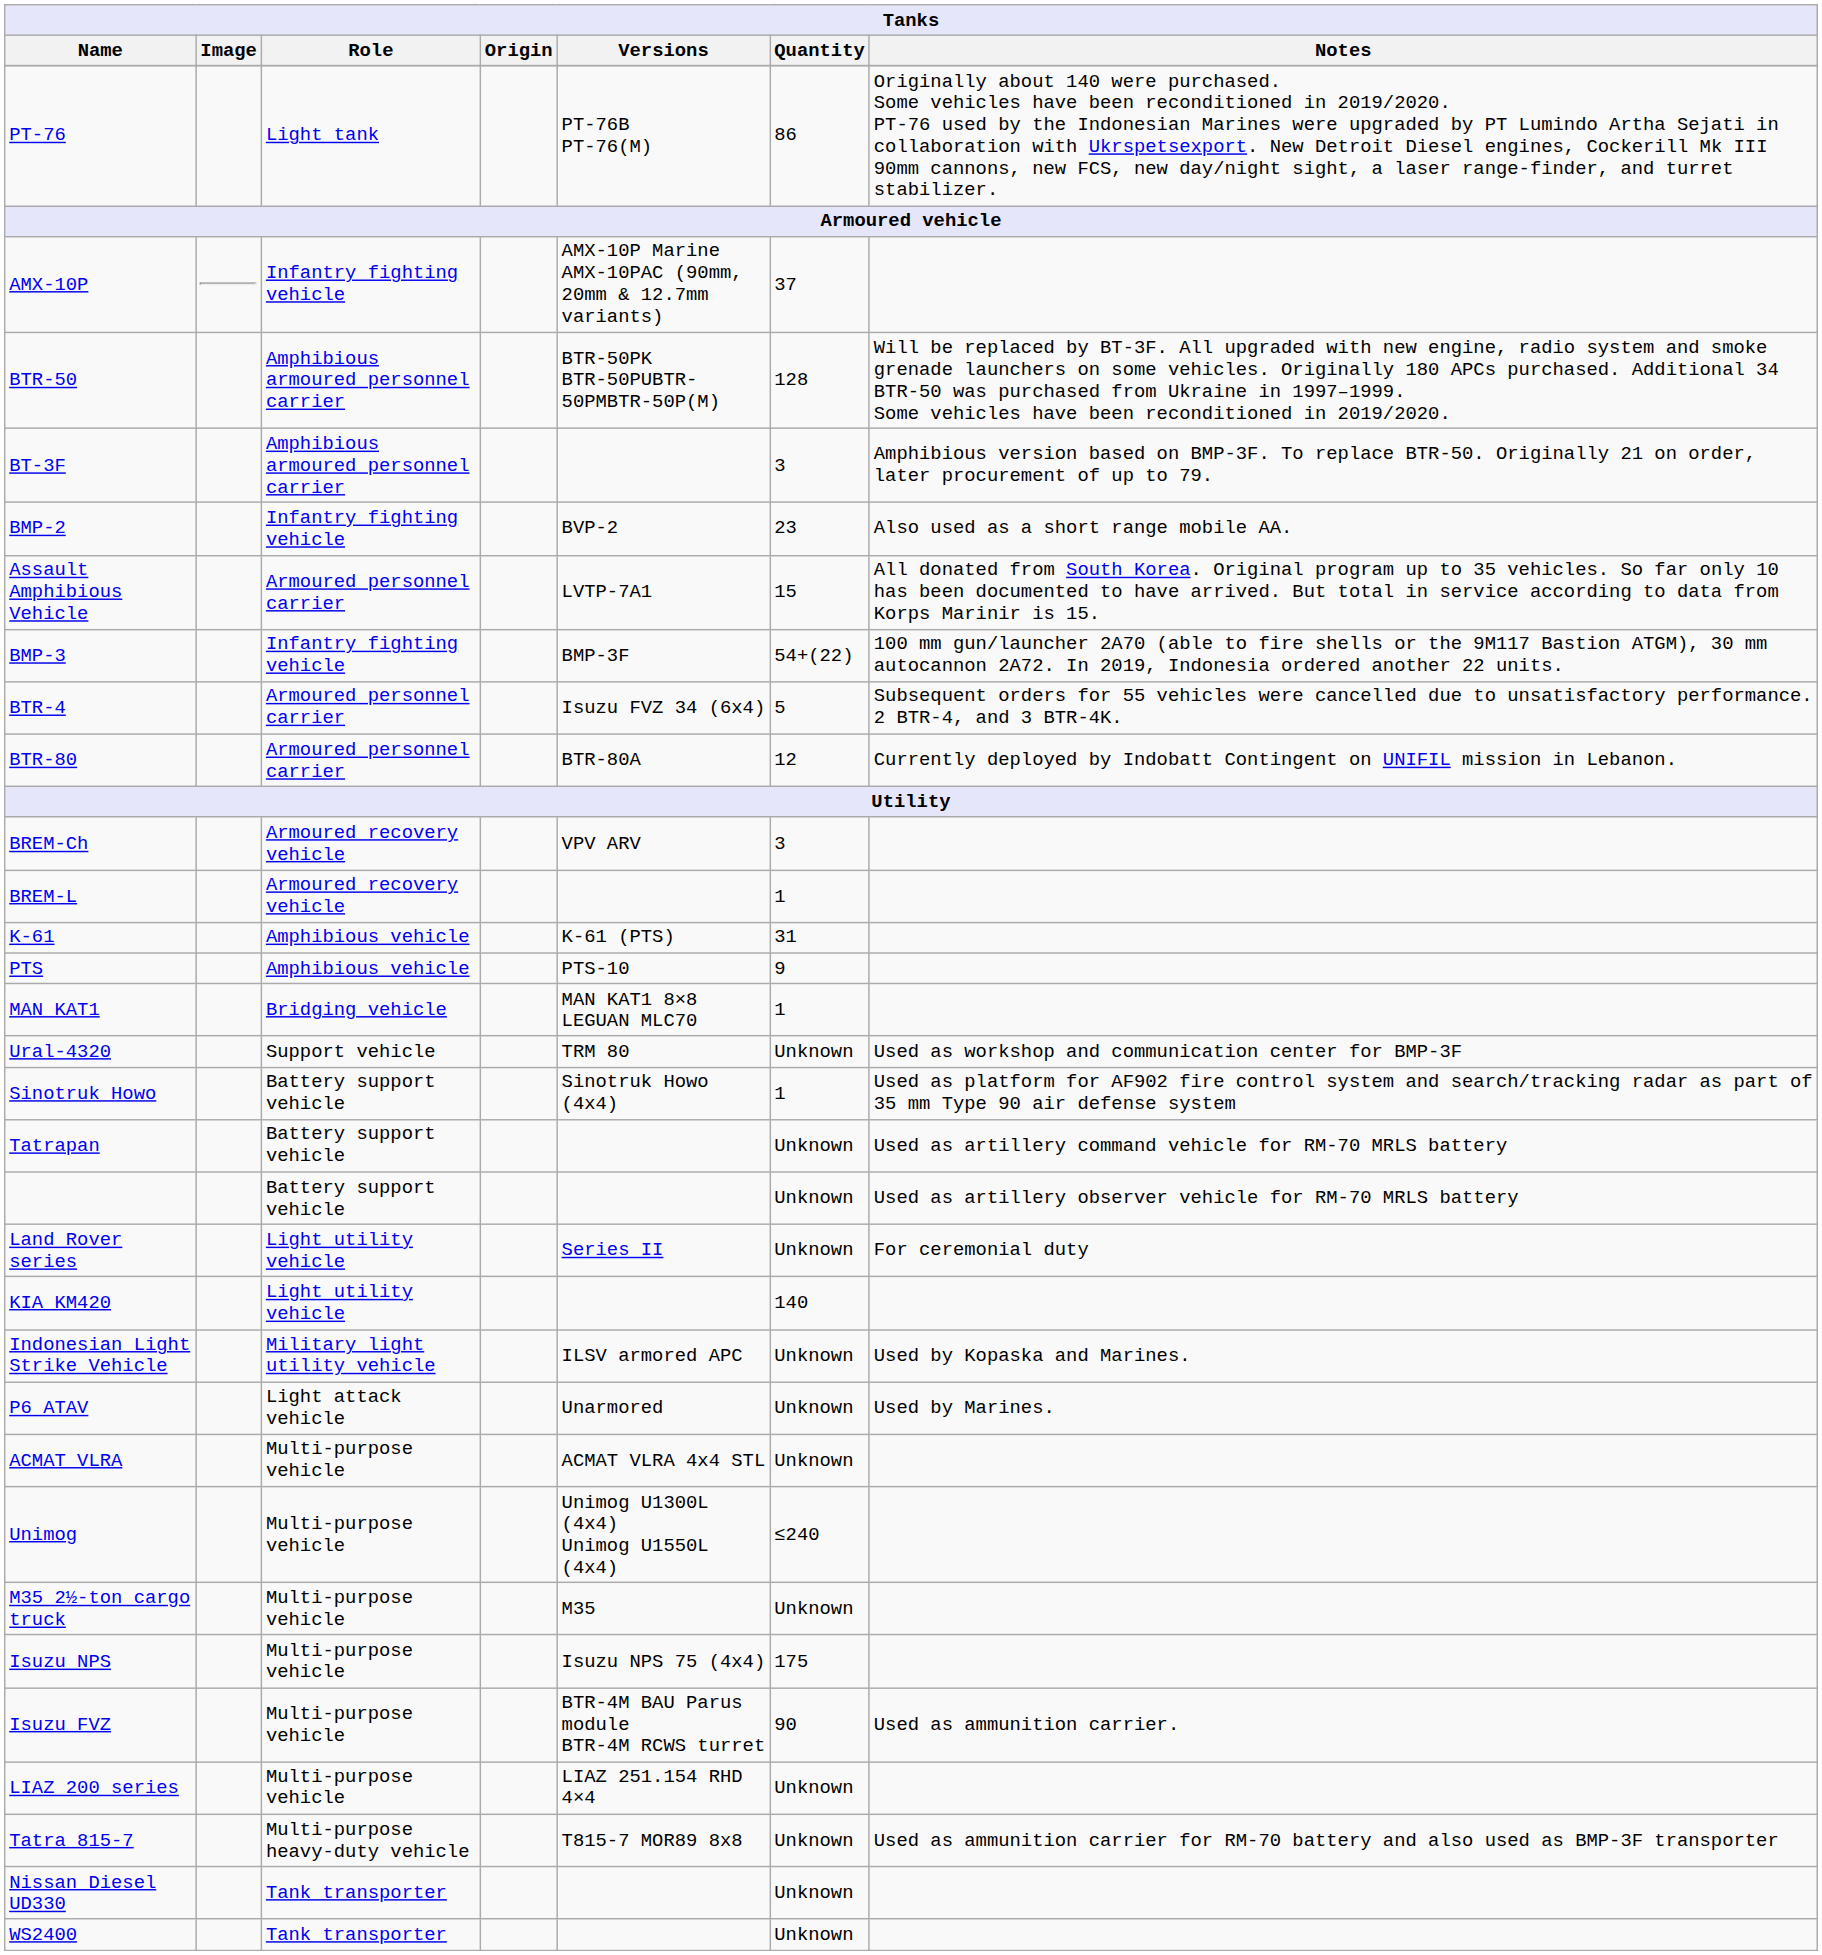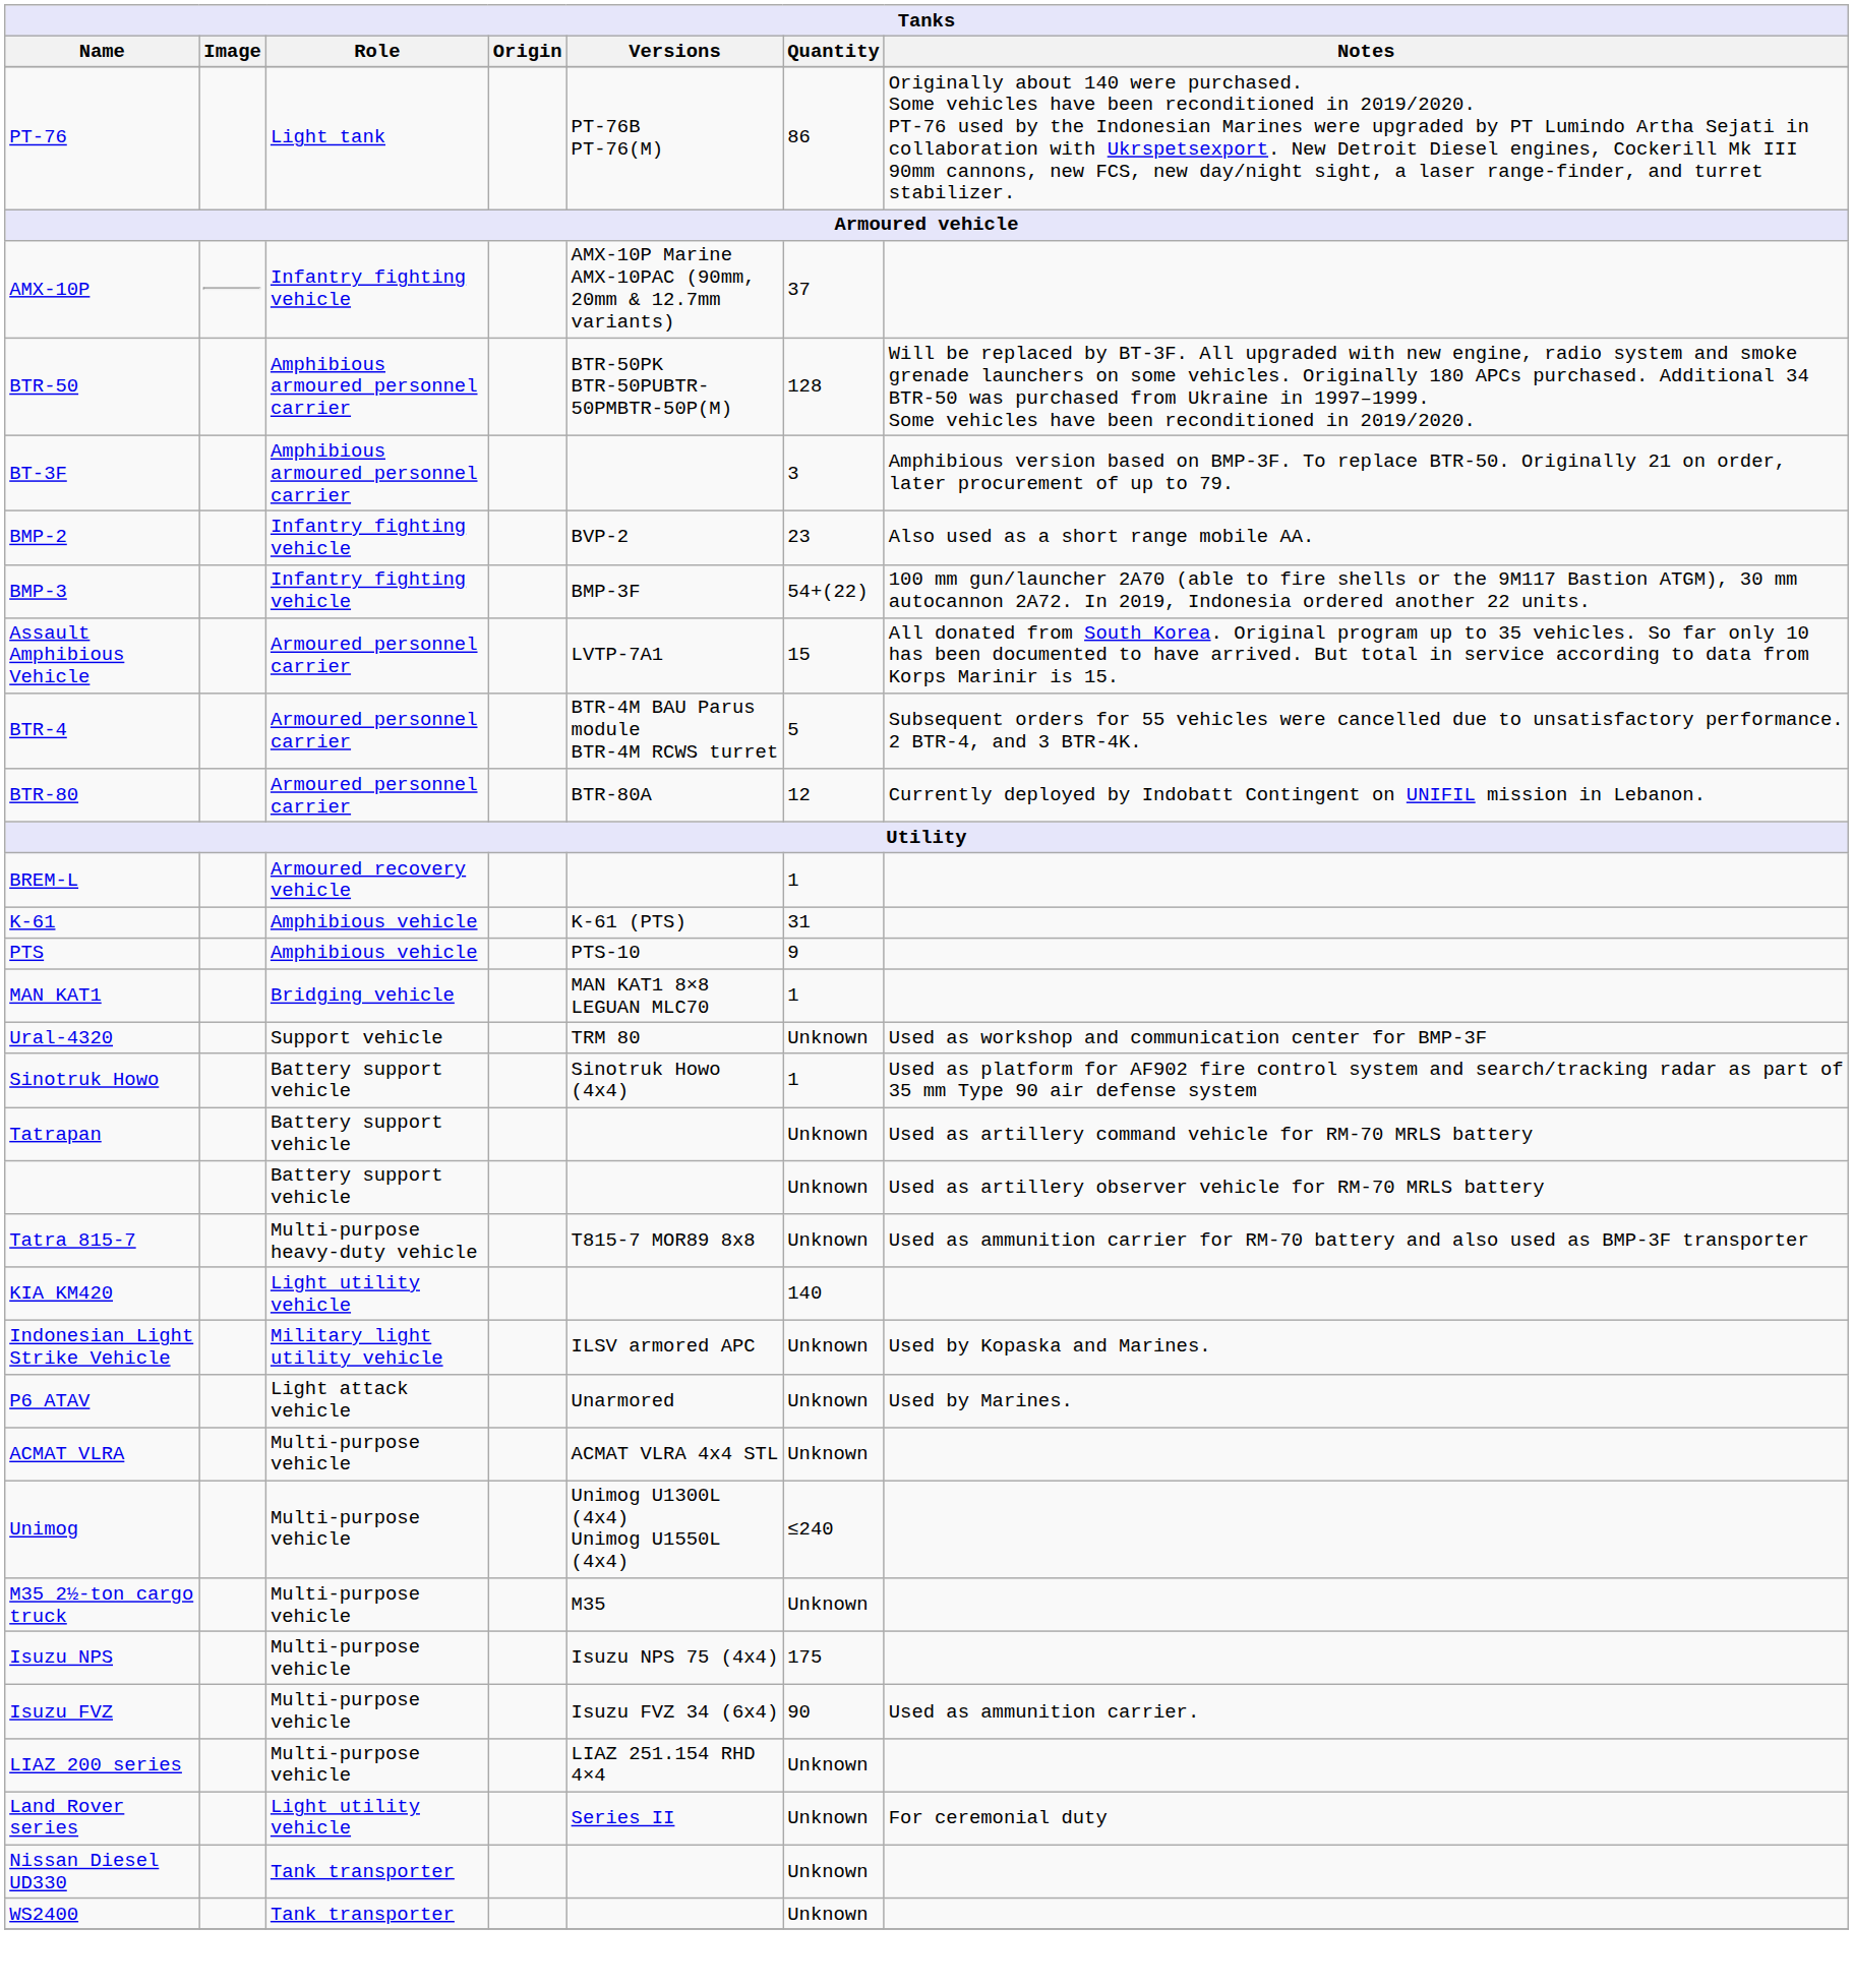 <table class="wikitable">
 <tr>
 <th style="align: center; background: lavender;" colspan="7">Tanks</th>
 </tr>
 <tr>
 <th style="text-align: center;">Name</th>
 <th style="text-align: center;">Image</th>
 <th style="text-align: center;">Role</th>
 <th style="text-align: center;">Origin</th>
 <th style="text-align: center;">Versions</th>
 <th style="text-align: center;">Quantity</th>
 <th style="text-align: center;">Notes</th>
 </tr>
 <tr ---->
 </tr>
 <tr --->
 </tr>
 <tr>
 <td><a href='#'>PT-76</a></td>
 <td></td>
 <td><a href='#'>Light tank</a></td>
 <td></td>
 <td>PT-76B<br>PT-76(M)</td>
 <td>86</td>
 <td>Originally about 140 were purchased.<br>Some vehicles have been reconditioned in 2019/2020.<br>PT-76 used by the Indonesian Marines were upgraded by PT Lumindo Artha Sejati in collaboration with <a href='#'>Ukrspetsexport</a>. New Detroit Diesel engines, Cockerill Mk III 90mm cannons, new FCS, new day/night sight, a laser range-finder, and turret stabilizer.</td>
 </tr>
 <tr>
 <th style="align: center; background: lavender;" colspan="7">Armoured vehicle</th>
 </tr>
 <tr --->
 <td><a href='#'>AMX-10P</a></td>
 <td><hr></td>
 <td><a href='#'>Infantry fighting vehicle</a></td>
 <td></td>
 <td>AMX-10P Marine<br>AMX-10PAC (90mm, 20mm & 12.7mm variants)</td>
 <td>37</td>
 <td></td>
 </tr>
 <tr>
 <td><a href='#'>BTR-50</a></td>
 <td></td>
 <td><a href='#'>Amphibious</a> <a href='#'>armoured personnel carrier</a></td>
 <td></td>
 <td>BTR-50PK<br>BTR-50PUBTR-50PMBTR-50P(M)</td>
 <td>128</td>
 <td>Will be replaced by BT-3F. All upgraded with new engine, radio system and smoke grenade launchers on some vehicles. Originally 180 APCs purchased. Additional 34 BTR-50 was purchased from Ukraine in 1997–1999.<br>Some vehicles have been reconditioned in 2019/2020.</td>
 </tr>
 <tr>
 <td><a href='#'>BT-3F</a></td>
 <td></td>
 <td><a href='#'>Amphibious</a> <a href='#'>armoured personnel carrier</a></td>
 <td></td>
 <td></td>
 <td>3</td>
 <td>Amphibious version based on BMP-3F. To replace BTR-50. Originally 21 on order, later procurement of up to 79.</td>
 </tr>
 <tr>
 <td><a href='#'>BMP-2</a></td>
 <td></td>
 <td><a href='#'>Infantry fighting vehicle</a></td>
 <td></td>
 <td>BVP-2</td>
 <td>23</td>
 <td>Also used as a short range mobile AA.</td>
 </tr>
 <tr>
+<td><a href='#'>BMP-3</a></td>
+<td></td>
+<td><a href='#'>Infantry fighting vehicle</a></td>
+<td></td>
+<td>BMP-3F</td>
+<td>54+(22)</td>
+<td>100 mm gun/launcher 2A70 (able to fire shells or the 9M117 Bastion ATGM), 30 mm autocannon 2A72. In 2019, Indonesia ordered another 22 units.</td>
+</tr>
+<tr>
 <td><a href='#'>Assault Amphibious Vehicle</a></td>
 <td></td>
 <td><a href='#'>Armoured personnel carrier</a></td>
 <td></td>
 <td>LVTP-7A1</td>
 <td>15</td>
 <td>All donated from <a href='#'>South Korea</a>. Original program up to 35 vehicles. So far only 10 has been documented to have arrived. But total in service according to data from Korps Marinir is 15.</td>
 </tr>
 <tr>
-<td><a href='#'>BMP-3</a></td>
-<td></td>
-<td><a href='#'>Infantry fighting vehicle</a></td>
-<td></td>
-<td>BMP-3F</td>
-<td>54+(22)</td>
-<td>100 mm gun/launcher 2A70 (able to fire shells or the 9M117 Bastion ATGM), 30 mm autocannon 2A72. In 2019, Indonesia ordered another 22 units.</td>
-</tr>
-<tr>
 <td><a href='#'>BTR-4</a></td>
 <td></td>
 <td><a href='#'>Armoured personnel carrier</a></td>
 <td></td>
-<td>Isuzu FVZ 34 (6x4)</td>
+<td>BTR-4M BAU Parus module<br>BTR-4M RCWS turret</td>
 <td>5</td>
 <td> Subsequent orders for 55 vehicles were cancelled due to unsatisfactory performance. 2 BTR-4, and 3 BTR-4K.</td>
 </tr>
 <tr>
 <td><a href='#'>BTR-80</a></td>
 <td></td>
 <td><a href='#'>Armoured personnel carrier</a></td>
 <td></td>
 <td>BTR-80A</td>
 <td>12</td>
 <td>Currently deployed by Indobatt Contingent on <a href='#'>UNIFIL</a> mission in Lebanon.</td>
 </tr>
 <tr>
 <th style="align: center; background: lavender;" colspan="7">Utility</th>
-</tr>
-<tr --->
-<td><a href='#'>BREM-Ch</a></td>
-<td></td>
-<td><a href='#'>Armoured recovery vehicle</a></td>
-<td></td>
-<td>VPV ARV</td>
-<td>3</td>
-<td></td>
 </tr>
 <tr>
 <td><a href='#'>BREM-L</a></td>
 <td></td>
 <td><a href='#'>Armoured recovery vehicle</a></td>
 <td></td>
 <td></td>
 <td>1</td>
 <td></td>
 </tr>
 <tr>
 <td><a href='#'>K-61</a></td>
 <td></td>
 <td><a href='#'>Amphibious vehicle</a></td>
 <td></td>
 <td>K-61 (PTS)</td>
 <td>31</td>
 <td></td>
 </tr>
 <tr>
 <td><a href='#'>PTS</a></td>
 <td></td>
 <td><a href='#'>Amphibious vehicle</a></td>
 <td></td>
 <td>PTS-10</td>
 <td>9</td>
 <td></td>
 </tr>
 <tr>
 <td><a href='#'>MAN KAT1</a></td>
 <td></td>
 <td><a href='#'>Bridging vehicle</a></td>
 <td></td>
 <td>MAN KAT1 8×8 LEGUAN MLC70</td>
 <td>1</td>
 <td></td>
 </tr>
 <tr>
 <td><a href='#'>Ural-4320</a></td>
 <td></td>
 <td>Support vehicle</td>
 <td></td>
 <td>TRM 80</td>
 <td>Unknown</td>
 <td>Used as workshop and communication center for BMP-3F</td>
 </tr>
 <tr>
 <td><a href='#'>Sinotruk Howo</a></td>
 <td></td>
 <td>Battery support vehicle</td>
 <td></td>
 <td>Sinotruk Howo (4x4)</td>
 <td>1</td>
 <td>Used as platform for AF902 fire control system and search/tracking radar as part of 35 mm Type 90 air defense system</td>
 </tr>
 <tr>
 <td><a href='#'>Tatrapan</a></td>
 <td></td>
 <td>Battery support vehicle</td>
 <td></td>
 <td></td>
 <td>Unknown</td>
 <td>Used as artillery command vehicle for RM-70 MRLS battery</td>
 </tr>
 <tr>
 <td></td>
 <td></td>
 <td>Battery support vehicle</td>
 <td></td>
 <td></td>
 <td>Unknown</td>
 <td>Used as artillery observer vehicle for RM-70 MRLS battery</td>
 </tr>
 <tr>
-<td><a href='#'>Land Rover series</a></td>
+<td><a href='#'>Tatra 815-7</a></td>
 <td></td>
-<td><a href='#'>Light utility vehicle</a></td>
+<td>Multi-purpose heavy-duty vehicle</td>
 <td></td>
-<td><a href='#'>Series II</a></td>
+<td>T815-7 MOR89 8x8</td>
 <td>Unknown</td>
-<td>For ceremonial duty</td>
+<td>Used as ammunition carrier for RM-70 battery and also used as BMP-3F transporter</td>
 </tr>
 <tr>
 <td><a href='#'>KIA KM420</a></td>
 <td></td>
 <td><a href='#'>Light utility vehicle</a></td>
 <td></td>
 <td></td>
 <td>140</td>
 <td></td>
 </tr>
 <tr>
 <td><a href='#'>Indonesian Light Strike Vehicle</a></td>
 <td></td>
 <td><a href='#'>Military light utility vehicle</a></td>
 <td></td>
 <td>ILSV armored APC</td>
 <td>Unknown</td>
 <td>Used by Kopaska and Marines.</td>
 </tr>
 <tr>
 <td><a href='#'>P6 ATAV</a></td>
 <td></td>
 <td>Light attack vehicle</td>
 <td></td>
 <td>Unarmored</td>
 <td>Unknown</td>
 <td>Used by Marines.</td>
 </tr>
 <tr>
 <td><a href='#'>ACMAT VLRA</a></td>
 <td></td>
 <td>Multi-purpose vehicle</td>
 <td></td>
 <td>ACMAT VLRA 4x4 STL</td>
 <td>Unknown</td>
 <td></td>
 </tr>
 <tr>
 <td><a href='#'>Unimog</a></td>
 <td></td>
 <td>Multi-purpose vehicle</td>
 <td></td>
 <td>Unimog U1300L (4x4)<br>Unimog U1550L (4x4)</td>
 <td>≤240</td>
 <td></td>
 </tr>
 <tr>
 <td><a href='#'>M35 2½-ton cargo truck</a></td>
 <td></td>
 <td>Multi-purpose vehicle</td>
 <td></td>
 <td>M35</td>
 <td>Unknown</td>
 <td></td>
 </tr>
 <tr>
 <td><a href='#'>Isuzu NPS</a></td>
 <td></td>
 <td>Multi-purpose vehicle</td>
 <td></td>
 <td>Isuzu NPS 75 (4x4)</td>
 <td>175</td>
 <td></td>
 </tr>
 <tr>
 <td><a href='#'>Isuzu FVZ</a></td>
 <td></td>
 <td>Multi-purpose vehicle</td>
 <td></td>
-<td>BTR-4M BAU Parus module<br>BTR-4M RCWS turret</td>
+<td>Isuzu FVZ 34 (6x4)</td>
 <td>90</td>
 <td>Used as ammunition carrier.</td>
 </tr>
 <tr>
 <td><a href='#'>LIAZ 200 series</a></td>
 <td></td>
 <td>Multi-purpose vehicle</td>
 <td></td>
 <td>LIAZ 251.154 RHD 4×4</td>
 <td>Unknown</td>
 <td></td>
 </tr>
 <tr>
-<td><a href='#'>Tatra 815-7</a></td>
+<td><a href='#'>Land Rover series</a></td>
 <td></td>
-<td>Multi-purpose heavy-duty vehicle</td>
+<td><a href='#'>Light utility vehicle</a></td>
 <td></td>
-<td>T815-7 MOR89 8x8</td>
+<td><a href='#'>Series II</a></td>
 <td>Unknown</td>
-<td>Used as ammunition carrier for RM-70 battery and also used as BMP-3F transporter</td>
+<td>For ceremonial duty</td>
 </tr>
 <tr>
 <td><a href='#'>Nissan Diesel UD330</a></td>
 <td></td>
 <td><a href='#'>Tank transporter</a></td>
 <td></td>
 <td></td>
 <td>Unknown</td>
 <td></td>
 </tr>
 <tr>
 <td><a href='#'>WS2400</a></td>
 <td></td>
 <td><a href='#'>Tank transporter</a></td>
 <td></td>
 <td></td>
 <td>Unknown</td>
 <td></td>
 </tr>
 <tr>
 </tr>
 </table>
